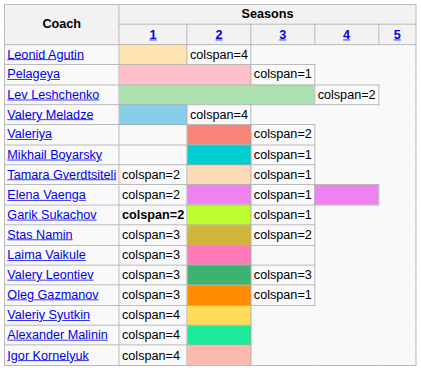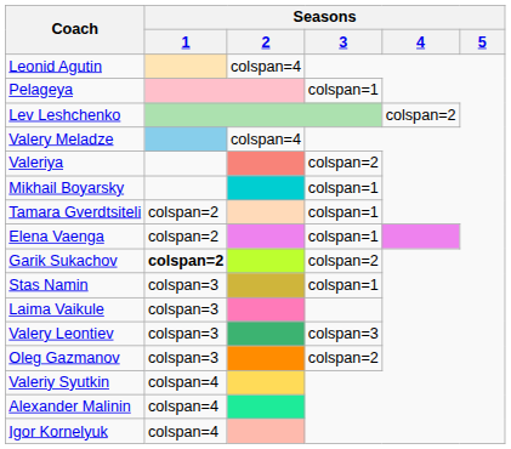 <table class="wikitable">
 <tr>
 <th rowspan="2">Coach</th>
 <th colspan="5">Seasons</th>
 </tr>
 <tr>
 <th width="40"><a href='#'>1</a></th>
 <th width="40"><a href='#'>2</a></th>
 <th width="40"><a href='#'>3</a></th>
 <th width="40"><a href='#'>4</a></th>
 <th width="40"><a href='#'>5</a></th>
 </tr>
 <tr>
 <td><a href='#'>Leonid Agutin</a></td>
 <td bgcolor="#ffe5b4"></td>
 <td>colspan=4 </td>
 </tr>
 <tr>
 <td><a href='#'>Pelageya</a></td>
 <td colspan=2 bgcolor="pink"></td>
 <td>colspan=1 </td>
 </tr>
 <tr>
 <td><a href='#'>Lev Leshchenko</a></td>
 <td colspan=3 bgcolor="#ace1af"></td>
 <td>colspan=2 </td>
 </tr>
 <tr>
 <td><a href='#'>Valery Meladze</a></td>
 <td bgcolor="#87ceeb"></td>
 <td>colspan=4 </td>
 </tr>
 <tr>
 <td><a href='#'>Valeriya</a></td>
 <td></td>
 <td bgcolor="#f88379"></td>
 <td>colspan=2 </td>
 </tr>
 <tr>
 <td><a href='#'>Mikhail Boyarsky</a></td>
 <td></td>
 <td bgcolor="#00ced1"></td>
 <td>colspan=1 </td>
 </tr>
 <tr>
 <td><a href='#'>Tamara Gverdtsiteli</a></td>
 <td>colspan=2 </td>
 <td bgcolor="#FFDAB9"></td>
 <td>colspan=1 </td>
 </tr>
 <tr>
 <td><a href='#'>Elena Vaenga</a></td>
 <td>colspan=2 </td>
 <td bgcolor="#EE82EE"></td>
 <td>colspan=1 </td>
 <td bgcolor="#EE82EE"></td>
 </tr>
 <tr>
 <td><a href='#'>Garik Sukachov</a></td>
 <td><strong>colspan=2 </strong></td>
 <td bgcolor="#bdff2f"></td>
-<td>colspan=1 </td>
+<td>colspan=2 </td>
 </tr>
 <tr>
 <td><a href='#'>Stas Namin</a></td>
 <td>colspan=3 </td>
 <td bgcolor="#CFB53B"></td>
-<td>colspan=2 </td>
+<td>colspan=1 </td>
 </tr>
 <tr>
 <td><a href='#'>Laima Vaikule</a></td>
 <td>colspan=3 </td>
 <td bgcolor="#ff7ab9"></td>
 <td></td>
 </tr>
 <tr>
 <td><a href='#'>Valery Leontiev</a></td>
 <td>colspan=3 </td>
 <td colspan=1 bgcolor="MediumSeaGreen"></td>
 <td>colspan=3 </td>
 </tr>
 <tr>
 <td><a href='#'>Oleg Gazmanov</a></td>
 <td>colspan=3 </td>
 <td bgcolor="#FF8C00"></td>
-<td>colspan=1 </td>
+<td>colspan=2 </td>
 </tr>
 <tr>
 <td><a href='#'>Valeriy Syutkin</a></td>
 <td>colspan=4 </td>
 <td bgcolor="#ffdb58"></td>
 </tr>
 <tr>
 <td><a href='#'>Alexander Malinin</a></td>
 <td>colspan=4 </td>
 <td bgcolor="#1deb99"></td>
 </tr>
 <tr>
 <td><a href='#'>Igor Kornelyuk</a></td>
 <td>colspan=4 </td>
 <td bgcolor="#febaad"></td>
 </tr>
 </table>
